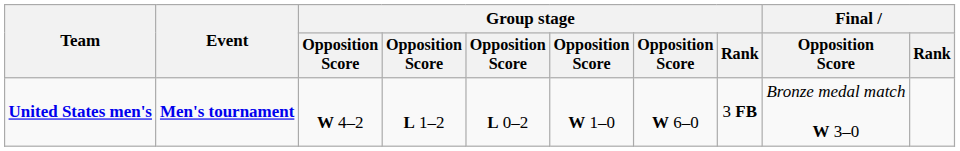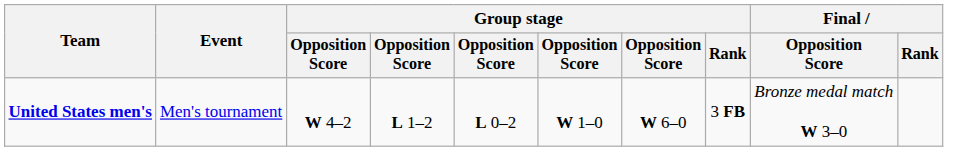 <table class="wikitable" style="font-size:90%;text-align:center">
 <tr>
 <th rowspan="2">Team</th>
 <th rowspan="2">Event</th>
 <th colspan="6">Group stage</th>
 <th colspan="2">Final / </th>
 </tr>
 <tr style="font-size:95%">
 <th>Opposition<br>Score</th>
 <th>Opposition<br>Score</th>
 <th>Opposition<br>Score</th>
 <th>Opposition<br>Score</th>
 <th>Opposition<br>Score</th>
 <th>Rank</th>
 <th>Opposition<br>Score</th>
 <th>Rank</th>
 </tr>
 <tr>
 <td align=left><strong><a href='#'>United States men's</a></strong></td>
-<td align=left><strong><a href='#'>Men's tournament</a></strong></td>
+<td align=left><a href='#'>Men's tournament</a></td>
 <td><br><strong>W</strong> 4–2</td>
 <td><br><strong>L</strong> 1–2</td>
 <td><br><strong>L</strong> 0–2</td>
 <td><br><strong>W</strong> 1–0</td>
 <td><br><strong>W</strong> 6–0</td>
 <td>3 <strong>FB</strong></td>
 <td><em>Bronze medal match</em><br><br><strong>W</strong> 3–0</td>
 <td></td>
 </tr>
 </table>
